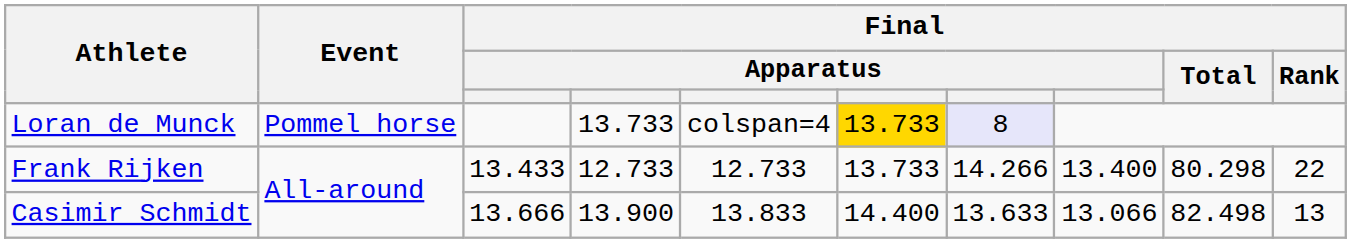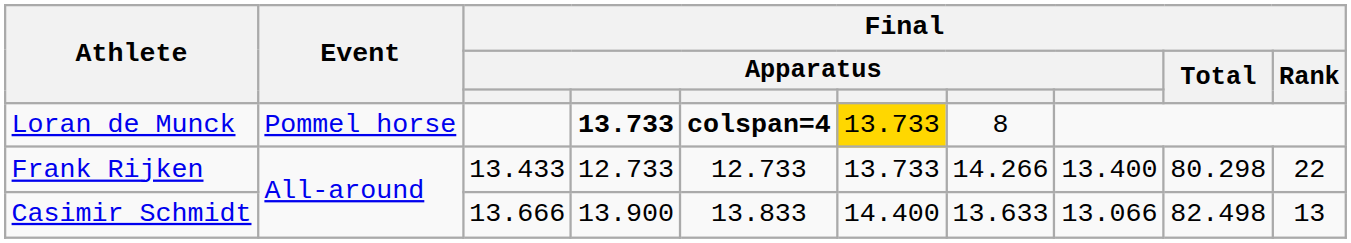 <table class="wikitable" style="font-size:90%">
 <tr>
 <th rowspan=3>Athlete</th>
 <th rowspan=3>Event</th>
 <th colspan=8>Final</th>
 </tr>
 <tr style="font-size:95%">
 <th colspan=6>Apparatus</th>
 <th rowspan=2>Total</th>
 <th rowspan=2>Rank</th>
 </tr>
 <tr style="font-size:95%">
 <th></th>
 <th></th>
 <th></th>
 <th></th>
 <th></th>
 <th></th>
 </tr>
 <tr align=center>
 <td align=left><a href='#'>Loran de Munck</a></td>
 <td align=left><a href='#'>Pommel horse</a></td>
 <td></td>
-<td>13.733</td>
-<td>colspan=4 </td>
+<td><strong>13.733</strong></td>
+<td><strong>colspan=4 </strong></td>
 <td style="background: gold;">13.733</td>
-<td style="background: lavender;">8</td>
+<td>8</td>
 </tr>
 <tr align=center>
 <td align=left><a href='#'>Frank Rijken</a></td>
 <td rowspan=2 align=left><a href='#'>All-around</a></td>
 <td>13.433</td>
 <td>12.733</td>
 <td>12.733</td>
 <td>13.733</td>
 <td>14.266</td>
 <td>13.400</td>
 <td>80.298</td>
 <td>22</td>
 </tr>
 <tr align=center>
 <td align=left><a href='#'>Casimir Schmidt</a></td>
 <td>13.666</td>
 <td>13.900</td>
 <td>13.833</td>
 <td>14.400</td>
 <td>13.633</td>
 <td>13.066</td>
 <td>82.498</td>
 <td>13</td>
 </tr>
 </table>
